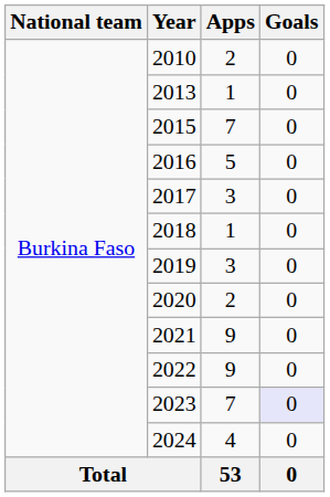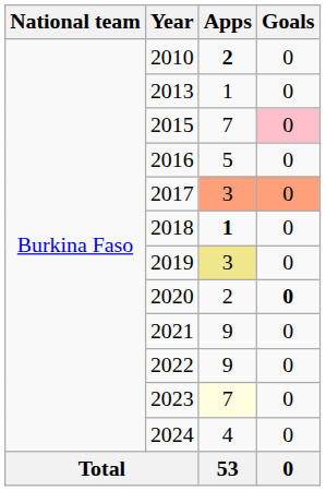 <table class="wikitable" style="text-align:center">
 <tr>
 <th>National team</th>
 <th>Year</th>
 <th>Apps</th>
 <th>Goals</th>
 </tr>
 <tr>
 <td rowspan="12"><a href='#'>Burkina Faso</a></td>
 <td>2010</td>
-<td>2</td>
+<td><strong>2</strong></td>
 <td>0</td>
 </tr>
 <tr>
 <td>2013</td>
 <td>1</td>
 <td>0</td>
 </tr>
 <tr>
 <td>2015</td>
 <td>7</td>
-<td>0</td>
+<td style="background: pink;">0</td>
 </tr>
 <tr>
 <td>2016</td>
 <td>5</td>
 <td>0</td>
 </tr>
 <tr>
 <td>2017</td>
-<td>3</td>
-<td>0</td>
+<td style="background: lightsalmon;">3</td>
+<td style="background: lightsalmon;">0</td>
 </tr>
 <tr>
 <td>2018</td>
-<td>1</td>
+<td><strong>1</strong></td>
 <td>0</td>
 </tr>
 <tr>
 <td>2019</td>
-<td>3</td>
+<td style="background: khaki;">3</td>
 <td>0</td>
 </tr>
 <tr>
 <td>2020</td>
 <td>2</td>
-<td>0</td>
+<td><strong>0</strong></td>
 </tr>
 <tr>
 <td>2021</td>
 <td>9</td>
 <td>0</td>
 </tr>
 <tr>
 <td>2022</td>
 <td>9</td>
 <td>0</td>
 </tr>
 <tr>
 <td>2023</td>
-<td>7</td>
-<td style="background: lavender;">0</td>
+<td style="background: lightyellow;">7</td>
+<td>0</td>
 </tr>
 <tr>
 <td>2024</td>
 <td>4</td>
 <td>0</td>
 </tr>
 <tr>
 <th colspan="2">Total</th>
 <th>53</th>
 <th>0</th>
 </tr>
 </table>
